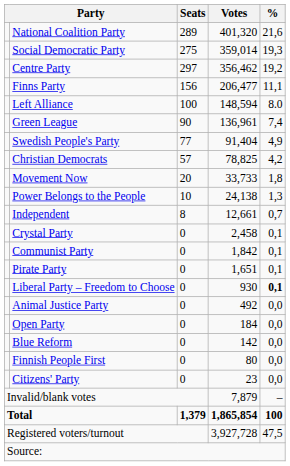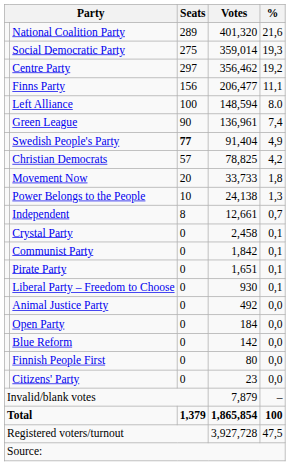 <table class=wikitable style=text-align:right>
 <tr>
 <th colspan=2>Party</th>
 <th>Seats</th>
 <th>Votes</th>
 <th>%</th>
 </tr>
 <tr>
 <td style="background-color:"></td>
 <td align=left><a href='#'>National Coalition Party</a></td>
 <td align=left>289</td>
 <td>401,320</td>
 <td>21,6</td>
 </tr>
 <tr>
 <td style="background-color:"></td>
 <td align=left><a href='#'>Social Democratic Party</a></td>
 <td align=left>275</td>
 <td>359,014</td>
 <td>19,3</td>
 </tr>
 <tr>
 <td style="background-color:"></td>
 <td align=left><a href='#'>Centre Party</a></td>
 <td align=left>297</td>
 <td>356,462</td>
 <td>19,2</td>
 </tr>
 <tr>
 <td style="background-color:"></td>
 <td align=left><a href='#'>Finns Party</a></td>
 <td align=left>156</td>
 <td>206,477</td>
 <td>11,1</td>
 </tr>
 <tr>
 <td style="background-color:"></td>
 <td align=left><a href='#'>Left Alliance</a></td>
 <td align=left>100</td>
 <td>148,594</td>
 <td>8.0</td>
 </tr>
 <tr>
 <td style="background-color:"></td>
 <td align=left><a href='#'>Green League</a></td>
 <td align=left>90</td>
 <td>136,961</td>
 <td>7,4</td>
 </tr>
 <tr>
 <td style="background-color:"></td>
 <td align=left><a href='#'>Swedish People's Party</a></td>
-<td align=left>77</td>
+<td align=left><strong>77</strong></td>
 <td>91,404</td>
 <td>4,9</td>
 </tr>
 <tr>
 <td style="background-color:"></td>
 <td align=left><a href='#'>Christian Democrats</a></td>
 <td align=left>57</td>
 <td>78,825</td>
 <td>4,2</td>
 </tr>
 <tr>
 <td style="background-color:"></td>
 <td align=left><a href='#'>Movement Now</a></td>
 <td align=left>20</td>
 <td>33,733</td>
 <td>1,8</td>
 </tr>
 <tr>
 <td style="background-color:"></td>
 <td align=left><a href='#'>Power Belongs to the People</a></td>
 <td align=left>10</td>
 <td>24,138</td>
 <td>1,3</td>
 </tr>
 <tr>
 <td style="background-color:"></td>
 <td align=left><a href='#'>Independent</a></td>
 <td align=left>8</td>
 <td>12,661</td>
 <td>0,7</td>
 </tr>
 <tr>
 <td style="background-color:"></td>
 <td align=left><a href='#'>Crystal Party</a></td>
 <td align=left>0</td>
 <td>2,458</td>
 <td>0,1</td>
 </tr>
 <tr>
 <td style="background-color:"></td>
 <td align=left><a href='#'>Communist Party</a></td>
 <td align=left>0</td>
 <td>1,842</td>
 <td>0,1</td>
 </tr>
 <tr>
 <td style="background-color:"></td>
 <td align=left><a href='#'>Pirate Party</a></td>
 <td align=left>0</td>
 <td>1,651</td>
 <td>0,1</td>
 </tr>
 <tr>
 <td style="background-color:"></td>
 <td align=left><a href='#'>Liberal Party – Freedom to Choose</a></td>
 <td align=left>0</td>
 <td>930</td>
-<td><strong>0,1</strong></td>
+<td>0,1</td>
 </tr>
 <tr>
 <td style="background-color:"></td>
 <td align=left><a href='#'>Animal Justice Party</a></td>
 <td align=left>0</td>
 <td>492</td>
 <td>0,0</td>
 </tr>
 <tr>
 <td style="background-color:"></td>
 <td align=left><a href='#'>Open Party</a></td>
 <td align=left>0</td>
 <td>184</td>
 <td>0,0</td>
 </tr>
 <tr>
 <td style="background-color:"></td>
 <td align=left><a href='#'>Blue Reform</a></td>
 <td align=left>0</td>
 <td>142</td>
 <td>0,0</td>
 </tr>
 <tr>
 <td style="background-color:"></td>
 <td align=left><a href='#'>Finnish People First</a></td>
 <td align=left>0</td>
 <td>80</td>
 <td>0,0</td>
 </tr>
 <tr>
 <td style="background-color:"></td>
 <td align=left><a href='#'>Citizens' Party</a></td>
 <td align=left>0</td>
 <td>23</td>
 <td>0,0</td>
 </tr>
 <tr>
 <td colspan=3 align=left>Invalid/blank votes</td>
 <td>7,879</td>
 <td>–</td>
 </tr>
 <tr>
 <td colspan=2 align=left><strong>Total</strong></td>
 <td><strong>1,379</strong></td>
 <td><strong>1,865,854</strong></td>
 <td><strong>100</strong></td>
 </tr>
 <tr>
 <td colspan=3 align=left>Registered voters/turnout</td>
 <td>3,927,728</td>
 <td>47,5</td>
 </tr>
 <tr>
 <td colspan=5 align=left>Source: </td>
 </tr>
 </table>
